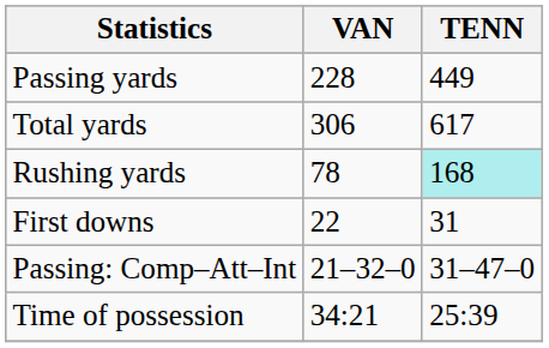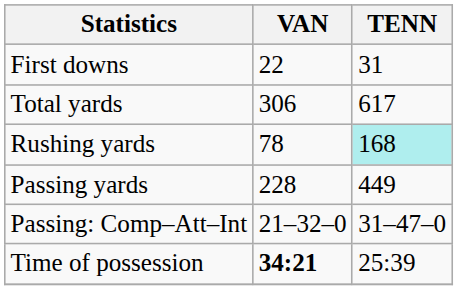 <table class="wikitable" style="float: left;">
 <tr>
 <th>Statistics</th>
 <th>VAN</th>
 <th>TENN</th>
 </tr>
 <tr>
-<td>Passing yards</td>
-<td>228</td>
-<td>449</td>
+<td>First downs</td>
+<td>22</td>
+<td>31</td>
 </tr>
 <tr>
 <td>Total yards</td>
 <td>306</td>
 <td>617</td>
 </tr>
 <tr>
 <td>Rushing yards</td>
 <td>78</td>
 <td style="background: paleturquoise;">168</td>
 </tr>
 <tr>
-<td>First downs</td>
-<td>22</td>
-<td>31</td>
+<td>Passing yards</td>
+<td>228</td>
+<td>449</td>
 </tr>
 <tr>
 <td>Passing: Comp–Att–Int</td>
 <td>21–32–0</td>
 <td>31–47–0</td>
 </tr>
 <tr>
 <td>Time of possession</td>
-<td>34:21</td>
+<td><strong>34:21</strong></td>
 <td>25:39</td>
 </tr>
 <tr>
 </tr>
 </table>
